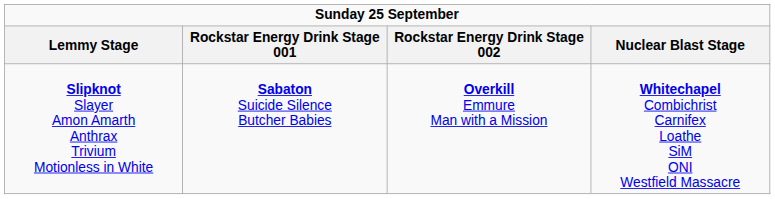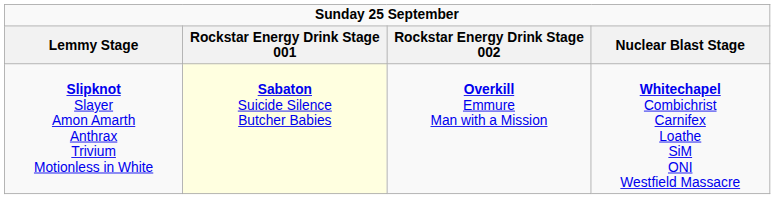 <table class="wikitable">
 <tr>
 <td colspan="4" style="text-align:center;"><strong>Sunday 25 September</strong></td>
 </tr>
 <tr>
 <th>Lemmy Stage</th>
 <th>Rockstar Energy Drink Stage 001</th>
 <th>Rockstar Energy Drink Stage 002</th>
 <th>Nuclear Blast Stage</th>
 </tr>
 <tr>
 <td style="text-align:center; vertical-align:top; width:200px;"><br><strong><a href='#'>Slipknot</a></strong><br> <a href='#'>Slayer</a><br> <a href='#'>Amon Amarth</a><br> <a href='#'>Anthrax</a><br> <a href='#'>Trivium</a><br> <a href='#'>Motionless in White</a><br></td>
-<td style="text-align:center; vertical-align:top; width:230px;"><br><strong><a href='#'>Sabaton</a></strong><br> <a href='#'>Suicide Silence</a><br> <a href='#'>Butcher Babies</a><br></td>
+<td style="background: lightyellow; text-align:center; vertical-align:top; width:230px;"><br><strong><a href='#'>Sabaton</a></strong><br> <a href='#'>Suicide Silence</a><br> <a href='#'>Butcher Babies</a><br></td>
 <td style="text-align:center; vertical-align:top; width:230px;"><br><strong><a href='#'>Overkill</a></strong><br> <a href='#'>Emmure</a><br> <a href='#'>Man with a Mission</a><br></td>
 <td style="text-align:center; vertical-align:top; width:200px;"><br><strong><a href='#'>Whitechapel</a></strong><br> <a href='#'>Combichrist</a><br> <a href='#'>Carnifex</a><br> <a href='#'>Loathe</a><br> <a href='#'>SiM</a><br> <a href='#'>ONI</a><br> <a href='#'>Westfield Massacre</a><br></td>
 </tr>
 </table>
